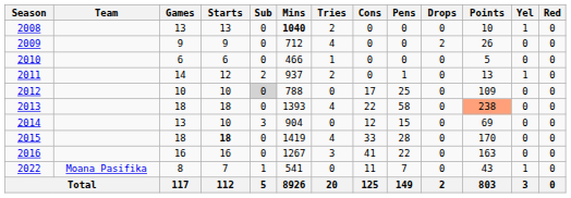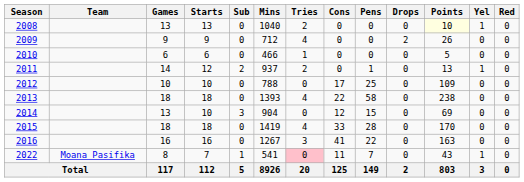 <table class="wikitable" style="text-align:center; width:60%;">
 <tr>
 <th>Season</th>
 <th>Team</th>
 <th>Games</th>
 <th>Starts</th>
 <th>Sub</th>
 <th>Mins</th>
 <th>Tries</th>
 <th>Cons</th>
 <th>Pens</th>
 <th>Drops</th>
 <th>Points</th>
 <th>Yel</th>
 <th>Red</th>
 </tr>
 <tr>
 <td><a href='#'>2008</a></td>
 <td></td>
 <td>13</td>
 <td>13</td>
 <td>0</td>
-<td><strong>1040</strong></td>
+<td>1040</td>
 <td>2</td>
 <td>0</td>
 <td>0</td>
 <td>0</td>
-<td>10</td>
+<td style="background: lightyellow;">10</td>
 <td>1</td>
 <td>0</td>
 </tr>
 <tr>
 <td><a href='#'>2009</a></td>
 <td></td>
 <td>9</td>
 <td>9</td>
 <td>0</td>
 <td>712</td>
 <td>4</td>
 <td>0</td>
 <td>0</td>
 <td>2</td>
 <td>26</td>
 <td>0</td>
 <td>0</td>
 </tr>
 <tr>
 <td><a href='#'>2010</a></td>
 <td></td>
 <td>6</td>
 <td>6</td>
 <td>0</td>
 <td>466</td>
 <td>1</td>
 <td>0</td>
 <td>0</td>
 <td>0</td>
 <td>5</td>
 <td>0</td>
 <td>0</td>
 </tr>
 <tr>
 <td><a href='#'>2011</a></td>
 <td></td>
 <td>14</td>
 <td>12</td>
 <td>2</td>
 <td>937</td>
 <td>2</td>
 <td>0</td>
 <td>1</td>
 <td>0</td>
 <td>13</td>
 <td>1</td>
 <td>0</td>
 </tr>
 <tr>
 <td><a href='#'>2012</a></td>
 <td></td>
 <td>10</td>
 <td>10</td>
-<td style="background: lightgrey;">0</td>
+<td>0</td>
 <td>788</td>
 <td>0</td>
 <td>17</td>
 <td>25</td>
 <td>0</td>
 <td>109</td>
 <td>0</td>
 <td>0</td>
 </tr>
 <tr>
 <td><a href='#'>2013</a></td>
 <td></td>
 <td>18</td>
 <td>18</td>
 <td>0</td>
 <td>1393</td>
 <td>4</td>
 <td>22</td>
 <td>58</td>
 <td>0</td>
-<td style="background: lightsalmon;">238</td>
+<td>238</td>
 <td>0</td>
 <td>0</td>
 </tr>
 <tr>
 <td><a href='#'>2014</a></td>
 <td></td>
 <td>13</td>
 <td>10</td>
 <td>3</td>
 <td>904</td>
 <td>0</td>
 <td>12</td>
 <td>15</td>
 <td>0</td>
 <td>69</td>
 <td>0</td>
 <td>0</td>
 </tr>
 <tr>
 <td><a href='#'>2015</a></td>
 <td></td>
 <td>18</td>
-<td><strong>18</strong></td>
+<td>18</td>
 <td>0</td>
 <td>1419</td>
 <td>4</td>
 <td>33</td>
 <td>28</td>
 <td>0</td>
 <td>170</td>
 <td>0</td>
 <td>0</td>
 </tr>
 <tr>
 <td><a href='#'>2016</a></td>
 <td></td>
 <td>16</td>
 <td>16</td>
 <td>0</td>
 <td>1267</td>
 <td>3</td>
 <td>41</td>
 <td>22</td>
 <td>0</td>
 <td>163</td>
 <td>0</td>
 <td>0</td>
 </tr>
 <tr>
 <td><a href='#'>2022</a></td>
 <td><a href='#'>Moana Pasifika</a></td>
 <td>8</td>
 <td>7</td>
 <td>1</td>
 <td>541</td>
-<td>0</td>
+<td style="background: pink;">0</td>
 <td>11</td>
 <td>7</td>
 <td>0</td>
 <td>43</td>
 <td>1</td>
 <td>0</td>
 </tr>
 <tr>
 <th colspan="2">Total</th>
 <th>117</th>
 <th>112</th>
 <th>5</th>
 <th>8926</th>
 <th>20</th>
 <th>125</th>
 <th>149</th>
 <th>2</th>
 <th>803</th>
 <th>3</th>
 <th>0</th>
 </tr>
 </table>
